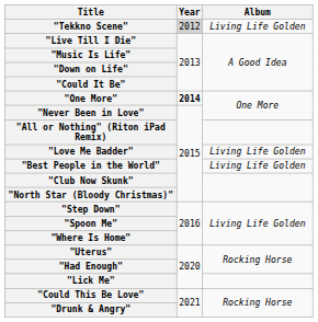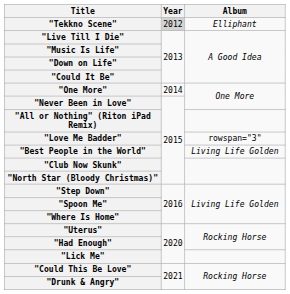 <table class="wikitable plainrowheaders" style="text-align:center;">
 <tr>
 <th scope="col" style="width:19em;">Title</th>
 <th scope="col">Year</th>
 <th scope="col" style="width:12em;">Album</th>
 </tr>
 <tr>
 <th scope="row">"Tekkno Scene"<br></th>
 <td style="background: lightgrey;">2012</td>
-<td><em>Living Life Golden</em></td>
+<td><em>Elliphant</em></td>
 </tr>
 <tr>
 <th scope="row">"Live Till I Die"</th>
 <td rowspan="4">2013</td>
 <td rowspan="4"><em>A Good Idea</em></td>
 </tr>
 <tr>
 <th scope="row">"Music Is Life"<br></th>
 </tr>
 <tr>
 <th scope="row">"Down on Life"</th>
 </tr>
 <tr>
 <th scope="row">"Could It Be"</th>
 </tr>
 <tr>
 <th scope="row">"One More"<br></th>
-<td><strong>2014</strong></td>
+<td>2014</td>
 <td rowspan="2"><em>One More</em></td>
 </tr>
 <tr>
 <th scope="row">"Never Been in Love"</th>
 <td rowspan="6">2015</td>
 </tr>
 <tr>
 <th scope="row">"All or Nothing" (Riton iPad Remix)<br></th>
 <td></td>
 </tr>
 <tr>
 <th scope="row">"Love Me Badder"</th>
-<td><em>Living Life Golden</em></td>
+<td>rowspan="3" </td>
 </tr>
 <tr>
 <th scope="row">"Best People in the World"</th>
 <td><em>Living Life Golden</em></td>
 </tr>
 <tr>
 <th scope="row">"Club Now Skunk"<br></th>
 </tr>
 <tr>
 <th scope="row">"North Star (Bloody Christmas)"</th>
 </tr>
 <tr>
 <th scope="row">"Step Down"</th>
 <td rowspan="3">2016</td>
 <td rowspan="3"><em>Living Life Golden</em></td>
 </tr>
 <tr>
 <th scope="row">"Spoon Me"</th>
 </tr>
 <tr>
 <th scope="row">"Where Is Home"</th>
 </tr>
 <tr>
 <th scope="row">"Uterus"</th>
 <td rowspan="3">2020</td>
 <td rowspan="2"><em>Rocking Horse</em></td>
 </tr>
 <tr>
 <th scope="row">"Had Enough"</th>
 </tr>
 <tr>
 <th scope="row">"Lick Me"<br></th>
 <td></td>
 </tr>
 <tr>
 <th scope="row">"Could This Be Love"</th>
 <td rowspan="2">2021</td>
 <td rowspan="2"><em>Rocking Horse</em></td>
 </tr>
 <tr>
 <th scope="row">"Drunk & Angry"</th>
 </tr>
 </table>
